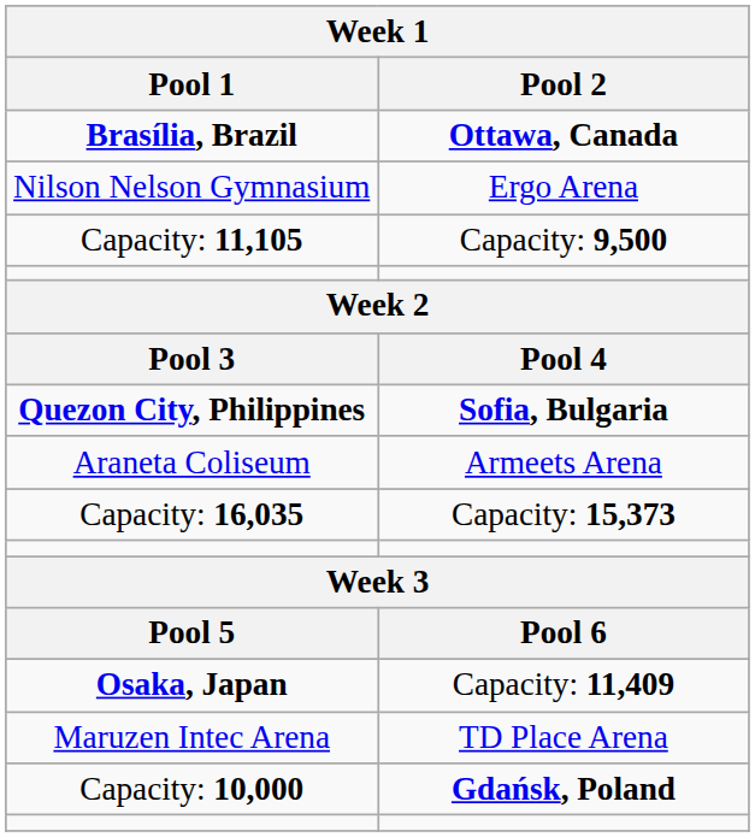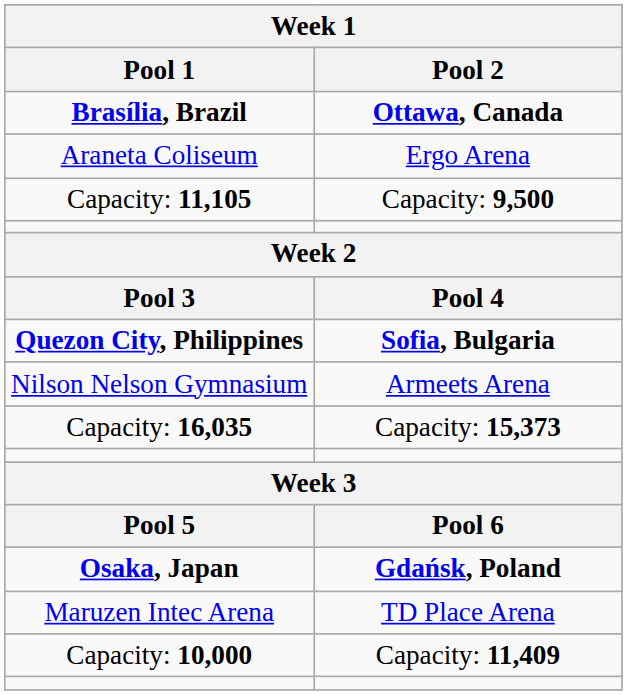 <table class="wikitable" style="text-align:center">
 <tr>
 <th width=100% colspan=2>Week 1</th>
 </tr>
 <tr>
 <th width=50%>Pool 1</th>
 <th width=50%>Pool 2</th>
 </tr>
 <tr>
 <td><strong><a href='#'>Brasília</a>, Brazil</strong></td>
 <td><strong><a href='#'>Ottawa</a>, Canada</strong></td>
 </tr>
 <tr>
-<td><a href='#'>Nilson Nelson Gymnasium</a></td>
+<td><a href='#'>Araneta Coliseum</a></td>
 <td><a href='#'>Ergo Arena</a></td>
 </tr>
 <tr>
 <td>Capacity: <strong>11,105</strong></td>
 <td>Capacity: <strong>9,500</strong></td>
 </tr>
 <tr>
 <td></td>
 <td></td>
 </tr>
 <tr>
 <th width=100% colspan=2>Week 2</th>
 </tr>
 <tr>
 <th width=50%>Pool 3</th>
 <th width=50%>Pool 4</th>
 </tr>
 <tr>
 <td><strong><a href='#'>Quezon City</a>, Philippines</strong></td>
 <td><strong><a href='#'>Sofia</a>, Bulgaria</strong></td>
 </tr>
 <tr>
-<td><a href='#'>Araneta Coliseum</a></td>
+<td><a href='#'>Nilson Nelson Gymnasium</a></td>
 <td><a href='#'>Armeets Arena</a></td>
 </tr>
 <tr>
 <td>Capacity: <strong>16,035</strong></td>
 <td>Capacity: <strong>15,373</strong></td>
 </tr>
 <tr>
 <td></td>
 <td></td>
 </tr>
 <tr>
 <th width=100% colspan=2>Week 3</th>
 </tr>
 <tr>
 <th width=50%>Pool 5</th>
 <th width=50%>Pool 6</th>
 </tr>
 <tr>
 <td><strong><a href='#'>Osaka</a>, Japan</strong></td>
-<td>Capacity: <strong>11,409</strong></td>
+<td><strong><a href='#'>Gdańsk</a>, Poland</strong></td>
 </tr>
 <tr>
 <td><a href='#'>Maruzen Intec Arena</a></td>
 <td><a href='#'>TD Place Arena</a></td>
 </tr>
 <tr>
 <td>Capacity: <strong>10,000</strong></td>
-<td><strong><a href='#'>Gdańsk</a>, Poland</strong></td>
+<td>Capacity: <strong>11,409</strong></td>
 </tr>
 <tr>
 <td></td>
 <td></td>
 </tr>
 </table>
